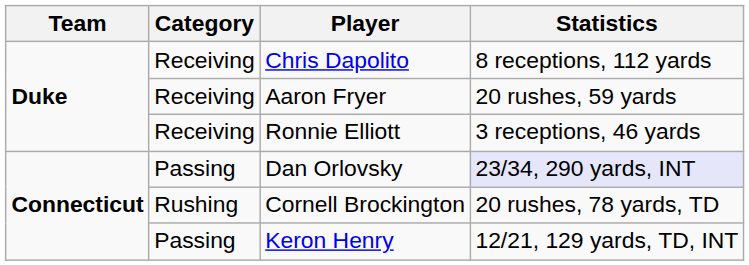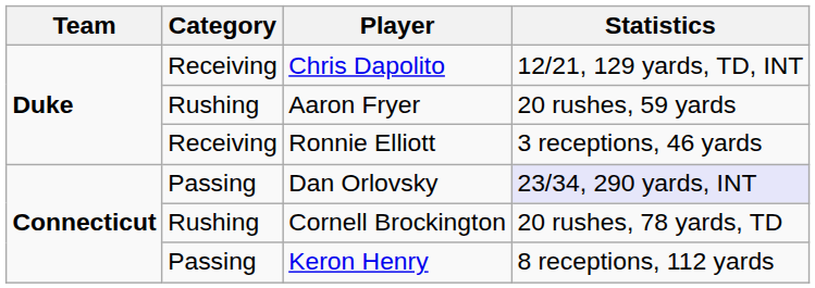 <table class="wikitable" style="float: right;">
 <tr>
 <th>Team</th>
 <th>Category</th>
 <th>Player</th>
 <th>Statistics</th>
 </tr>
 <tr>
 <td rowspan=3><strong>Duke</strong></td>
 <td>Receiving</td>
 <td><a href='#'>Chris Dapolito</a></td>
-<td>8 receptions, 112 yards</td>
+<td>12/21, 129 yards, TD, INT</td>
 </tr>
 <tr>
-<td>Receiving</td>
+<td>Rushing</td>
 <td>Aaron Fryer</td>
 <td>20 rushes, 59 yards</td>
 </tr>
 <tr>
 <td>Receiving</td>
 <td>Ronnie Elliott</td>
 <td>3 receptions, 46 yards</td>
 </tr>
 <tr>
 <td rowspan=3><strong>Connecticut</strong></td>
 <td>Passing</td>
 <td>Dan Orlovsky</td>
 <td style="background: lavender;">23/34, 290 yards, INT</td>
 </tr>
 <tr>
 <td>Rushing</td>
 <td>Cornell Brockington</td>
 <td>20 rushes, 78 yards, TD</td>
 </tr>
 <tr>
 <td>Passing</td>
 <td><a href='#'>Keron Henry</a></td>
-<td>12/21, 129 yards, TD, INT</td>
+<td>8 receptions, 112 yards</td>
 </tr>
 </table>
